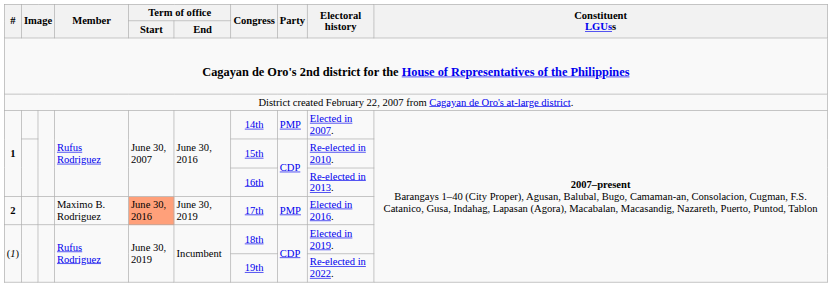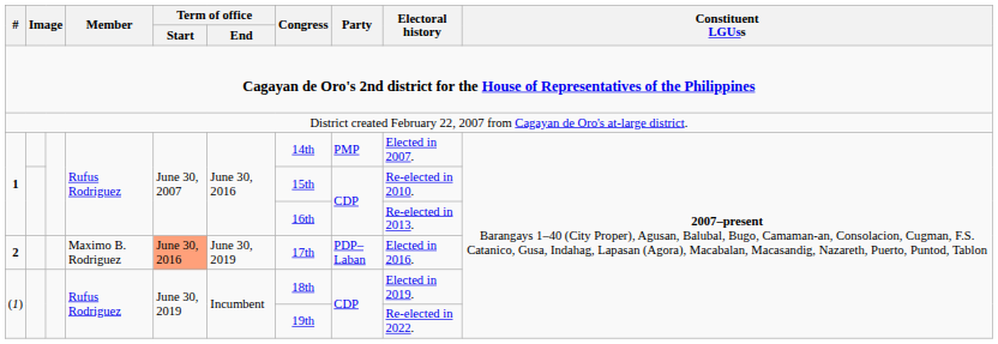 <table class=wikitable>
 <tr>
 <th rowspan="2">#</th>
 <th rowspan="2" colspan=2>Image</th>
 <th rowspan="2">Member</th>
 <th colspan=2>Term of office</th>
 <th rowspan="2">Congress</th>
 <th rowspan="2">Party</th>
 <th rowspan="2">Electoral history</th>
 <th rowspan="2">Constituent<br><a href='#'>LGUs</a>s</th>
 </tr>
 <tr>
 <th>Start</th>
 <th>End</th>
 </tr>
 <tr>
 <td colspan="10" style="text-align:center;"><br><h3>Cagayan de Oro's 2nd district for the <a href='#'>House of Representatives of the Philippines</a></h3></td>
 </tr>
 <tr>
 <td colspan="10" style="text-align:center;">District created February 22, 2007 from <a href='#'>Cagayan de Oro's at-large district</a>.</td>
 </tr>
 <tr>
 <td rowspan="3" style="text-align:center;"><strong>1</strong></td>
 <td style="color:inherit;background:"></td>
 <td rowspan="3"></td>
 <td rowspan="3"><a href='#'>Rufus Rodriguez</a></td>
 <td rowspan="3">June 30, 2007</td>
 <td rowspan="3">June 30, 2016</td>
 <td style="text-align:center;"><a href='#'>14th</a></td>
 <td><a href='#'>PMP</a></td>
 <td><a href='#'>Elected in 2007</a>.</td>
 <td rowspan="6" style="text-align:center;"><strong>2007–present</strong><br>Barangays 1–40 (City Proper), Agusan, Balubal, Bugo, Camaman-an, Consolacion, Cugman, F.S. Catanico, Gusa, Indahag, Lapasan (Agora), Macabalan, Macasandig, Nazareth, Puerto, Puntod, Tablon</td>
 </tr>
 <tr>
 <td rowspan="2" style="color:inherit;background:"></td>
 <td style="text-align:center;"><a href='#'>15th</a></td>
 <td rowspan="2"><a href='#'>CDP</a></td>
 <td><a href='#'>Re-elected in 2010</a>.</td>
 </tr>
 <tr>
 <td style="text-align:center;"><a href='#'>16th</a></td>
 <td><a href='#'>Re-elected in 2013</a>.</td>
 </tr>
 <tr>
 <td style="text-align:center;"><strong>2</strong></td>
 <td style="color:inherit;background:"></td>
 <td></td>
 <td>Maximo B. Rodriguez</td>
 <td style="background: lightsalmon;">June 30, 2016</td>
 <td>June 30, 2019</td>
 <td style="text-align:center;"><a href='#'>17th</a></td>
-<td><a href='#'>PMP</a></td>
+<td><a href='#'>PDP–Laban</a></td>
 <td><a href='#'>Elected in 2016</a>.</td>
 </tr>
 <tr>
 <td rowspan="2" style="text-align:center;">(<em>1</em>)</td>
 <td rowspan="2" style="color:inherit;background:"></td>
 <td rowspan="2"></td>
 <td rowspan="2"><a href='#'>Rufus Rodriguez</a></td>
 <td rowspan="2">June 30, 2019</td>
 <td rowspan="2">Incumbent</td>
 <td style="text-align:center;"><a href='#'>18th</a></td>
 <td rowspan="2"><a href='#'>CDP</a></td>
 <td><a href='#'>Elected in 2019</a>.</td>
 </tr>
 <tr>
 <td style="text-align:center;"><a href='#'>19th</a></td>
 <td><a href='#'>Re-elected in 2022</a>.</td>
 </tr>
 </table>
